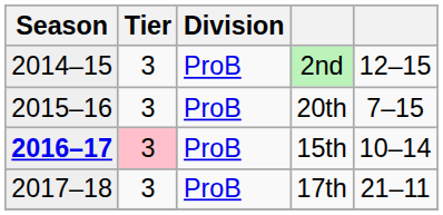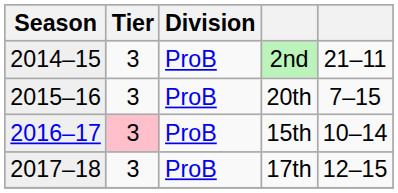 <table class="wikitable" style="font-size:85%; text-align:center">
 <tr>
 <th>Season</th>
 <th>Tier</th>
 <th>Division</th>
 <th></th>
 <th></th>
 </tr>
 <tr>
 <td bgcolor=#efefef>2014–15</td>
 <td>3</td>
 <td align=left><a href='#'>ProB</a></td>
 <td style="background:#BBF3BB;">2nd</td>
-<td>12–15</td>
+<td>21–11</td>
 </tr>
 <tr>
 <td bgcolor=#efefef>2015–16</td>
 <td>3</td>
 <td align=left><a href='#'>ProB</a></td>
 <td>20th</td>
 <td>7–15</td>
 </tr>
 <tr>
-<td bgcolor=#efefef><strong><a href='#'>2016–17</a></strong></td>
+<td bgcolor=#efefef><a href='#'>2016–17</a></td>
 <td style="background: pink;">3</td>
 <td align=left><a href='#'>ProB</a></td>
 <td>15th</td>
 <td>10–14</td>
 </tr>
 <tr>
 <td bgcolor=#efefef>2017–18</td>
 <td>3</td>
 <td align=left><a href='#'>ProB</a></td>
 <td>17th</td>
-<td>21–11</td>
+<td>12–15</td>
 </tr>
 <tr>
 </tr>
 </table>
